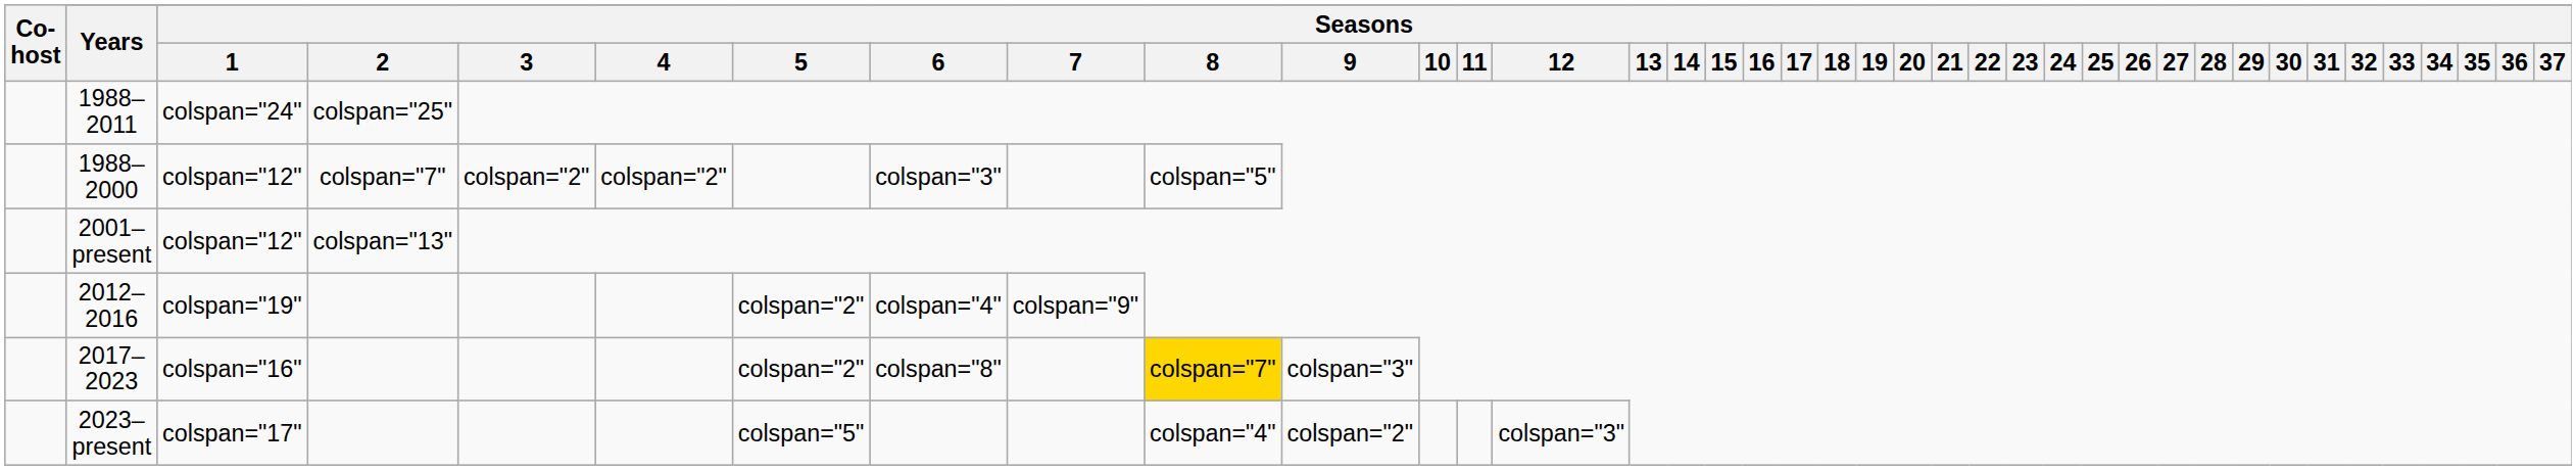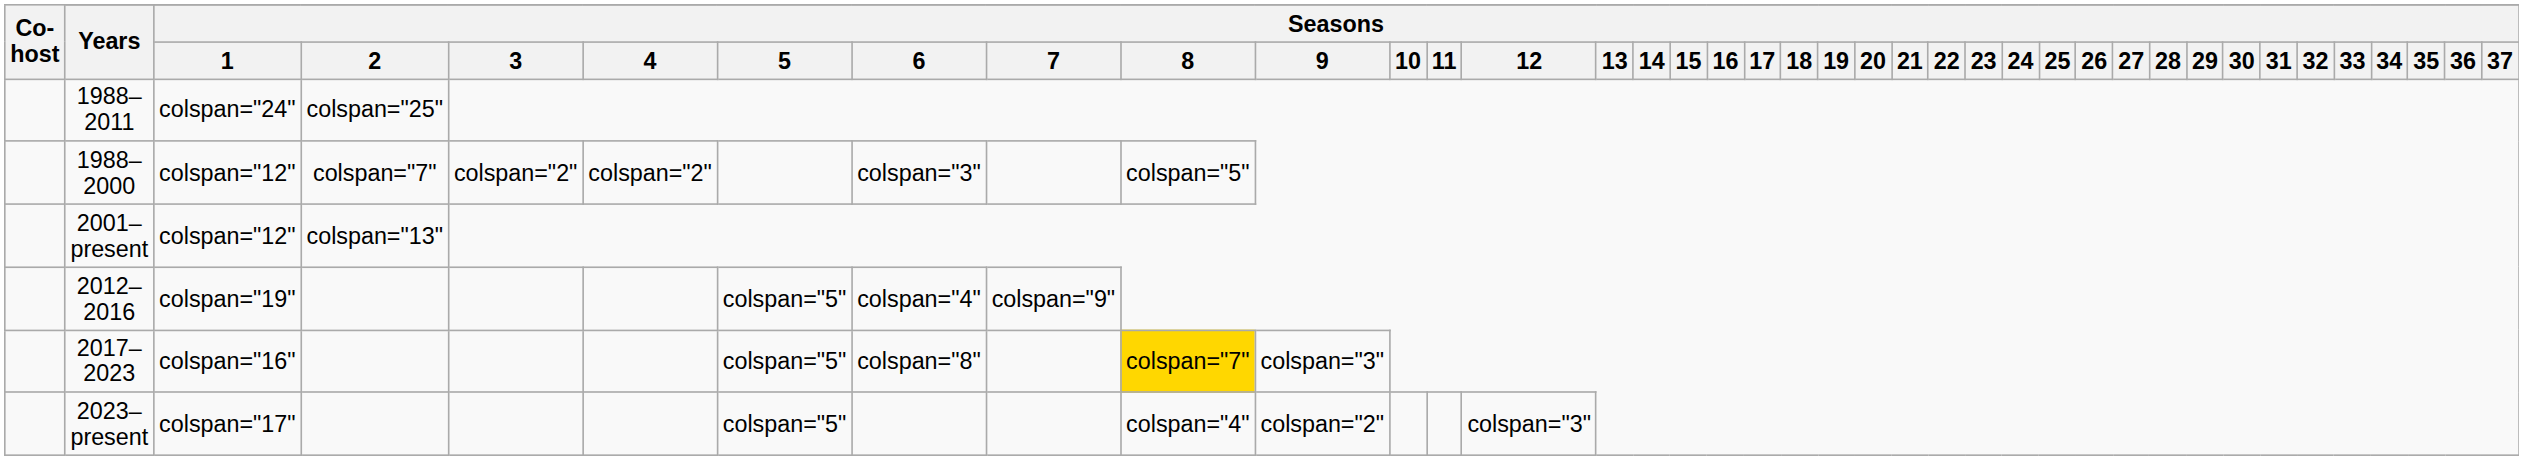 <table class="wikitable plainrowheaders" style="text-align:center; font-size:90%; width:100%">
 <tr>
 <th rowspan="4" style="width:15%;">Co-host</th>
 </tr>
 <tr>
 <th rowspan="3" style="width:10%;">Years</th>
 </tr>
 <tr>
 <th colspan="37" style="text-align:center">Seasons</th>
 </tr>
 <tr>
 <th width="15">1</th>
 <th width="15">2</th>
 <th width="15">3</th>
 <th width="15">4</th>
 <th width="15">5</th>
 <th width="15">6</th>
 <th width="15">7</th>
 <th width="15">8</th>
 <th width="15">9</th>
 <th width="15">10</th>
 <th width="15">11</th>
 <th width="15">12</th>
 <th width="15">13</th>
 <th width="15">14</th>
 <th width="15">15</th>
 <th width="15">16</th>
 <th width="15">17</th>
 <th width="15">18</th>
 <th width="15">19</th>
 <th width="15">20</th>
 <th width="15">21</th>
 <th width="15">22</th>
 <th width="15">23</th>
 <th width="15">24</th>
 <th width="15">25</th>
 <th width="15">26</th>
 <th width="15">27</th>
 <th width="15">28</th>
 <th width="15">29</th>
 <th width="15">30</th>
 <th width="15">31</th>
 <th width="15">32</th>
 <th width="15">33</th>
 <th width="15">34</th>
 <th width="15">35</th>
 <th width="15">36</th>
 <th width="15">37</th>
 </tr>
 <tr>
 <td></td>
 <td>1988–2011</td>
 <td>colspan="24" </td>
 <td>colspan="25" </td>
 </tr>
 <tr>
 <td></td>
 <td>1988–2000</td>
 <td>colspan="12" </td>
 <td>colspan="7" </td>
 <td>colspan="2" </td>
 <td>colspan="2" </td>
 <td></td>
 <td>colspan="3" </td>
 <td></td>
 <td>colspan="5" </td>
 </tr>
 <tr>
 <td></td>
 <td>2001–present</td>
 <td>colspan="12" </td>
 <td>colspan="13" </td>
 </tr>
 <tr>
 <td></td>
 <td>2012–2016</td>
 <td>colspan="19" </td>
 <td></td>
 <td></td>
 <td></td>
-<td>colspan="2" </td>
+<td>colspan="5" </td>
 <td>colspan="4" </td>
 <td>colspan="9" </td>
 </tr>
 <tr>
 <td></td>
 <td>2017–2023</td>
 <td>colspan="16" </td>
 <td></td>
 <td></td>
 <td></td>
-<td>colspan="2" </td>
+<td>colspan="5" </td>
 <td>colspan="8" </td>
 <td></td>
 <td style="background: gold;">colspan="7" </td>
 <td>colspan="3" </td>
 </tr>
 <tr>
 <td></td>
 <td>2023–present</td>
 <td>colspan="17" </td>
 <td></td>
 <td></td>
 <td></td>
 <td>colspan="5" </td>
 <td></td>
 <td></td>
 <td>colspan="4" </td>
 <td>colspan="2" </td>
 <td></td>
 <td></td>
 <td>colspan="3" </td>
 </tr>
 </table>
